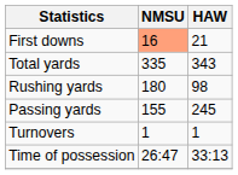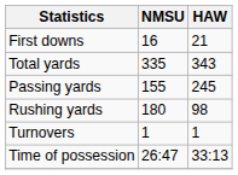 <table class="wikitable" style="float: left;">
 <tr>
 <th>Statistics</th>
 <th>NMSU</th>
 <th>HAW</th>
 </tr>
 <tr>
 <td>First downs</td>
-<td style="background: lightsalmon;">16</td>
+<td>16</td>
 <td>21</td>
 </tr>
 <tr>
 <td>Total yards</td>
 <td>335</td>
 <td>343</td>
 </tr>
 <tr>
+<td>Passing yards</td>
+<td>155</td>
+<td>245</td>
+</tr>
+<tr>
 <td>Rushing yards</td>
 <td>180</td>
 <td>98</td>
-</tr>
-<tr>
-<td>Passing yards</td>
-<td>155</td>
-<td>245</td>
 </tr>
 <tr>
 <td>Turnovers</td>
 <td>1</td>
 <td>1</td>
 </tr>
 <tr>
 <td>Time of possession</td>
 <td>26:47</td>
 <td>33:13</td>
 </tr>
 <tr>
 </tr>
 </table>
